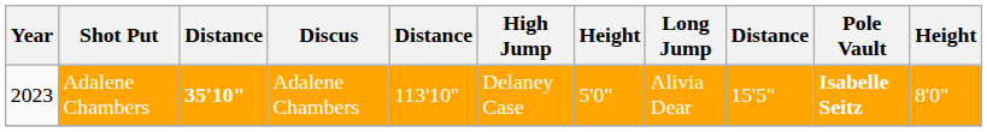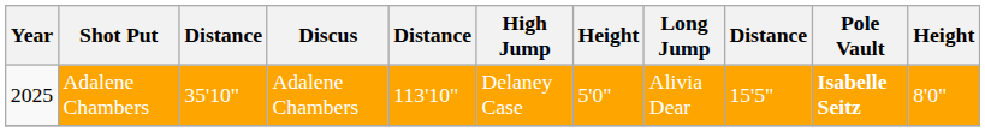 <table class="wikitable sortable" style="width: 100%; font-size: 85%;">
 <tr>
 <th width="5%">Year</th>
 <th>Shot Put</th>
 <th>Distance</th>
 <th>Discus</th>
 <th>Distance</th>
 <th>High Jump</th>
 <th>Height</th>
 <th>Long Jump</th>
 <th>Distance</th>
 <th>Pole Vault</th>
 <th>Height</th>
 </tr>
 <tr>
-<td>2023</td>
+<td>2025</td>
 <td !align=center style="background:orange;color:white">Adalene Chambers</td>
-<td !align=center style="background:orange;color:white"><strong>35'10"</strong></td>
+<td !align=center style="background:orange;color:white">35'10"</td>
 <td !align=center style="background:orange;color:white">Adalene Chambers</td>
 <td !align=center style="background:orange;color:white">113'10"</td>
 <td !align=center style="background:orange;color:white">Delaney Case</td>
 <td !align=center style="background:orange;color:white">5'0"</td>
 <td !align=center style="background:orange;color:white">Alivia Dear</td>
 <td !align=center style="background:orange;color:white">15'5"</td>
 <td !align=center style="background:orange;color:white"><strong>Isabelle Seitz</strong></td>
 <td !align=center style="background:orange;color:white">8'0"</td>
 </tr>
 <tr>
 </tr>
 </table>
